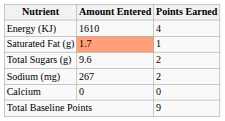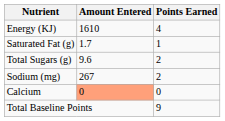 <table class="wikitable">
 <tr>
 <th>Nutrient</th>
 <th>Amount Entered</th>
 <th>Points Earned</th>
 </tr>
 <tr>
 <td>Energy (KJ)</td>
 <td>1610</td>
 <td>4</td>
 </tr>
 <tr>
 <td>Saturated Fat (g)</td>
-<td style="background: lightsalmon;">1.7</td>
+<td>1.7</td>
 <td>1</td>
 </tr>
 <tr>
 <td>Total Sugars (g)</td>
 <td>9.6</td>
 <td>2</td>
 </tr>
 <tr>
 <td>Sodium (mg)</td>
 <td>267</td>
 <td>2</td>
 </tr>
 <tr>
 <td>Calcium</td>
-<td>0</td>
+<td style="background: lightsalmon;">0</td>
 <td>0</td>
 </tr>
 <tr>
 <td colspan="2">Total Baseline Points</td>
 <td>9</td>
 </tr>
 </table>
